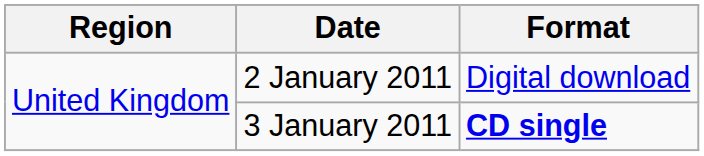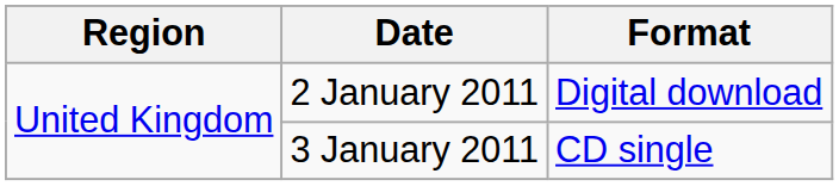 <table class=wikitable>
 <tr>
 <th>Region</th>
 <th>Date</th>
 <th>Format</th>
 </tr>
 <tr>
 <td rowspan="2"><a href='#'>United Kingdom</a></td>
 <td>2 January 2011</td>
 <td><a href='#'>Digital download</a></td>
 </tr>
 <tr>
 <td>3 January 2011</td>
-<td><strong><a href='#'>CD single</a></strong></td>
+<td><a href='#'>CD single</a></td>
 </tr>
 </table>
